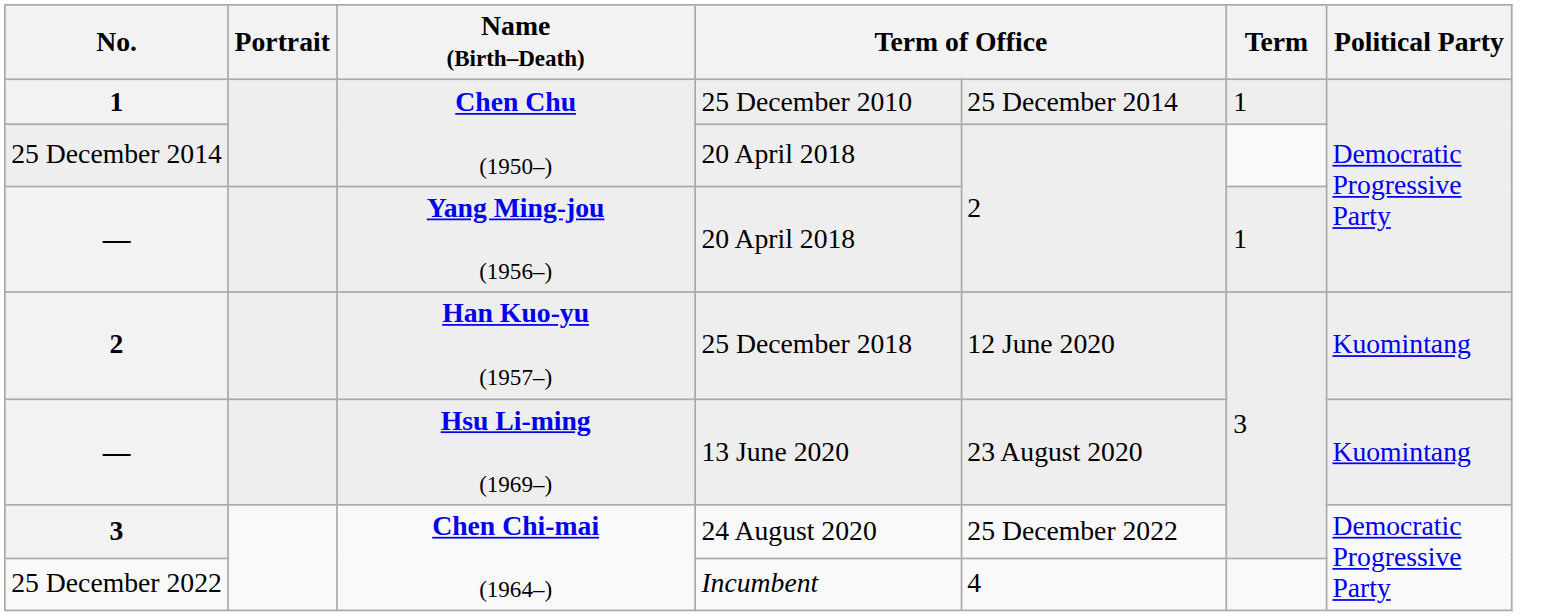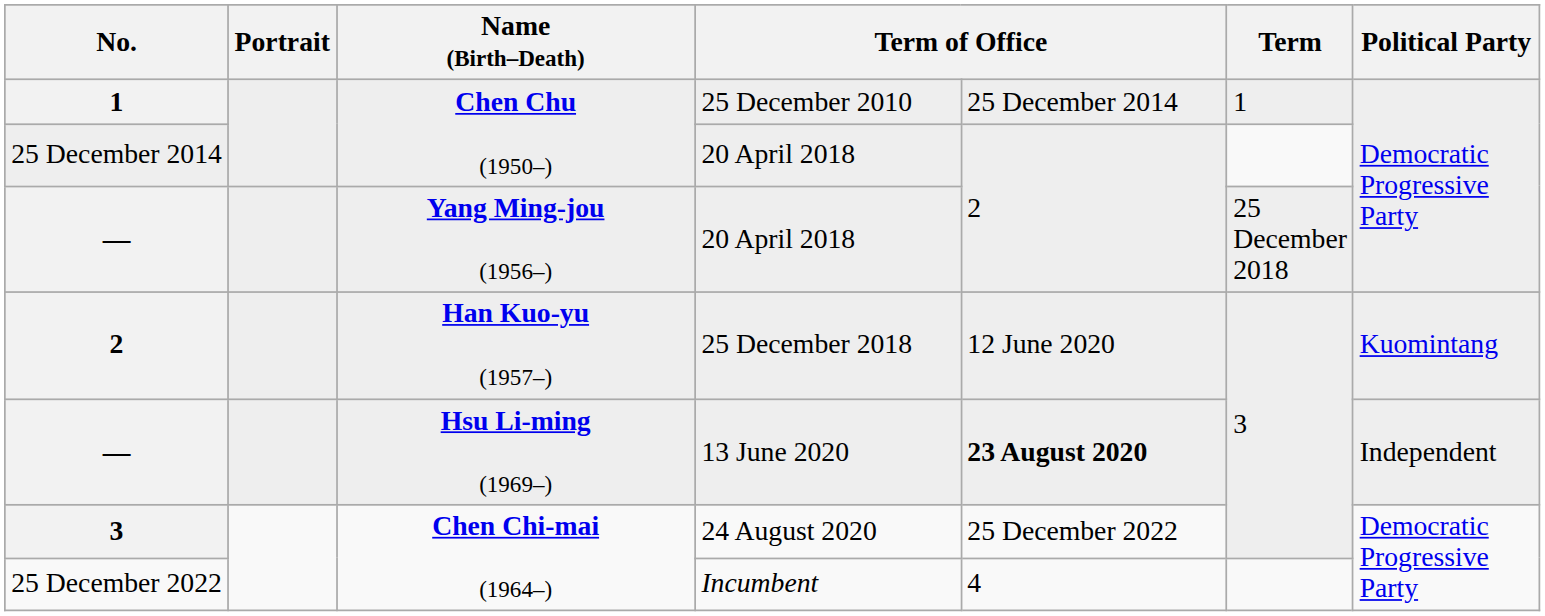 <table class=wikitable>
 <tr>
 <th>No.</th>
 <th>Portrait</th>
 <th width="200">Name<br><small>(Birth–Death)</small></th>
 <th colspan=2 width="300">Term of Office</th>
 <th width = "50">Term</th>
 <th width="100">Political Party</th>
 </tr>
 <tr - bgcolor=#EEEEEE>
 <th style="background:">1</th>
 <td rowspan=2></td>
 <td rowspan=2 align=center><strong><a href='#'>Chen Chu</a></strong><br><br><small>(1950–)</small></td>
 <td>25 December 2010</td>
 <td>25 December 2014</td>
 <td>1</td>
 <td rowspan=3><a href='#'>Democratic Progressive Party</a></td>
 </tr>
 <tr - bgcolor=#EEEEEE>
 <td>25 December 2014</td>
 <td>20 April 2018</td>
 <td rowspan=2>2</td>
 </tr>
 <tr - bgcolor=#EEEEEE>
 <th style="background:">—</th>
 <td rowspan=1></td>
 <td rowspan=1 align=center><strong><a href='#'>Yang Ming-jou</a></strong><br><br><small>(1956–)</small></td>
 <td>20 April 2018</td>
-<td>1</td>
+<td>25 December 2018</td>
 </tr>
 <tr - bgcolor=#EEEEEE>
 <th style="background:">2</th>
 <td rowspan=1></td>
 <td rowspan=1 align=center><strong><a href='#'>Han Kuo-yu</a></strong><br><br><small>(1957–)</small></td>
 <td>25 December 2018</td>
 <td>12 June 2020</td>
 <td rowspan=3>3</td>
 <td><a href='#'>Kuomintang</a></td>
 </tr>
 <tr - bgcolor=#EEEEEE>
 <th style="background:">—</th>
 <td rowspan=1></td>
 <td rowspan=1 align=center><strong><a href='#'>Hsu Li-ming</a></strong><br><br><small>(1969–)</small></td>
 <td>13 June 2020</td>
-<td>23 August 2020</td>
-<td><a href='#'>Kuomintang</a></td>
+<td><strong>23 August 2020</strong></td>
+<td>Independent</td>
 </tr>
 <tr -bgcolor=#EEEEEE>
 <th style="background:">3</th>
 <td rowspan="2"></td>
 <td rowspan="2" align="center"><strong><a href='#'>Chen Chi-mai</a></strong><br><br><small>(1964–)</small></td>
 <td>24 August 2020</td>
 <td>25 December 2022</td>
 <td rowspan="2"><a href='#'>Democratic Progressive Party</a></td>
 </tr>
 <tr -bgcolor=#EEEEEE>
 <td>25 December 2022</td>
 <td><em>Incumbent</em></td>
 <td>4</td>
 </tr>
 </table>
